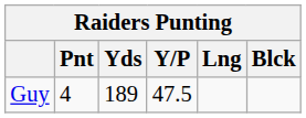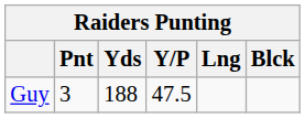 <table class="wikitable">
 <tr>
 <th colspan="6">Raiders Punting</th>
 </tr>
 <tr>
 <th></th>
 <th>Pnt</th>
 <th>Yds</th>
 <th>Y/P</th>
 <th>Lng</th>
 <th>Blck</th>
 </tr>
 <tr>
 <td><a href='#'>Guy</a></td>
-<td>4</td>
-<td>189</td>
+<td>3</td>
+<td>188</td>
 <td>47.5</td>
 <td></td>
 <td></td>
 </tr>
 </table>
